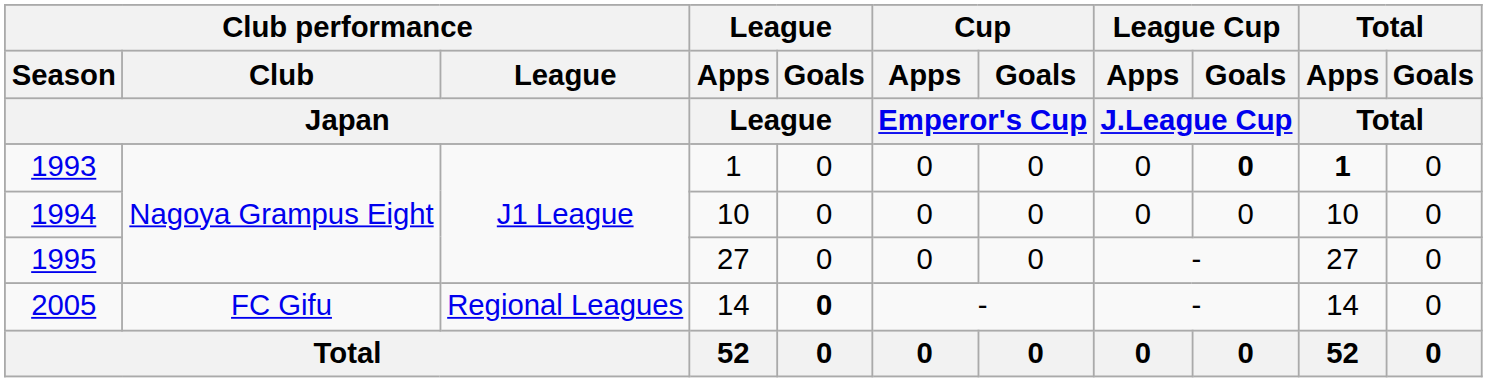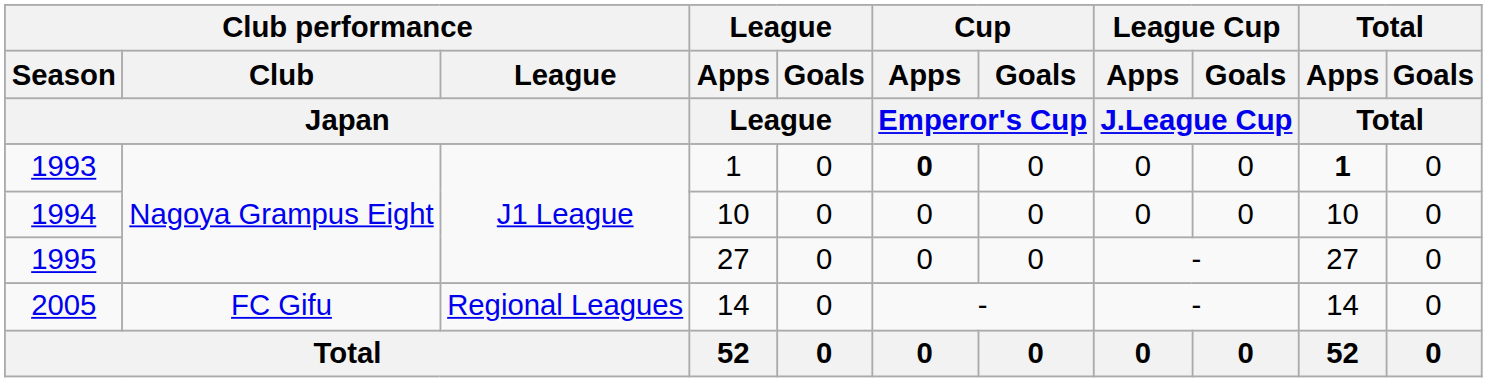 <table class="wikitable" style="text-align:center;">
 <tr>
 <th colspan=3>Club performance</th>
 <th colspan=2>League</th>
 <th colspan=2>Cup</th>
 <th colspan=2>League Cup</th>
 <th colspan=2>Total</th>
 </tr>
 <tr>
 <th>Season</th>
 <th>Club</th>
 <th>League</th>
 <th>Apps</th>
 <th>Goals</th>
 <th>Apps</th>
 <th>Goals</th>
 <th>Apps</th>
 <th>Goals</th>
 <th>Apps</th>
 <th>Goals</th>
 </tr>
 <tr>
 <th colspan=3>Japan</th>
 <th colspan=2>League</th>
 <th colspan=2><a href='#'>Emperor's Cup</a></th>
 <th colspan=2><a href='#'>J.League Cup</a></th>
 <th colspan=2>Total</th>
 </tr>
 <tr>
 <td><a href='#'>1993</a></td>
 <td rowspan="3"><a href='#'>Nagoya Grampus Eight</a></td>
 <td rowspan="3"><a href='#'>J1 League</a></td>
 <td>1</td>
 <td>0</td>
+<td><strong>0</strong></td>
 <td>0</td>
 <td>0</td>
 <td>0</td>
-<td><strong>0</strong></td>
 <td><strong>1</strong></td>
 <td>0</td>
 </tr>
 <tr>
 <td><a href='#'>1994</a></td>
 <td>10</td>
 <td>0</td>
 <td>0</td>
 <td>0</td>
 <td>0</td>
 <td>0</td>
 <td>10</td>
 <td>0</td>
 </tr>
 <tr>
 <td><a href='#'>1995</a></td>
 <td>27</td>
 <td>0</td>
 <td>0</td>
 <td>0</td>
 <td colspan="2">-</td>
 <td>27</td>
 <td>0</td>
 </tr>
 <tr>
 <td><a href='#'>2005</a></td>
 <td><a href='#'>FC Gifu</a></td>
 <td><a href='#'>Regional Leagues</a></td>
 <td>14</td>
-<td><strong>0</strong></td>
+<td>0</td>
 <td colspan="2">-</td>
 <td colspan="2">-</td>
 <td>14</td>
 <td>0</td>
 </tr>
 <tr>
 <th colspan=3>Total</th>
 <th>52</th>
 <th>0</th>
 <th>0</th>
 <th>0</th>
 <th>0</th>
 <th>0</th>
 <th>52</th>
 <th>0</th>
 </tr>
 </table>
